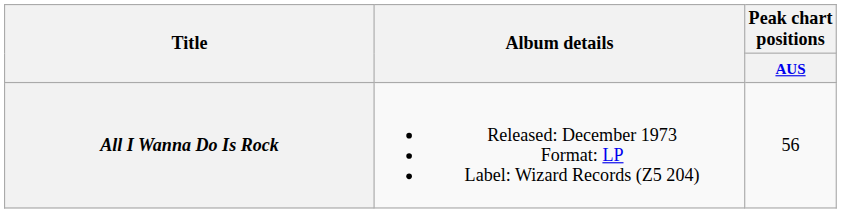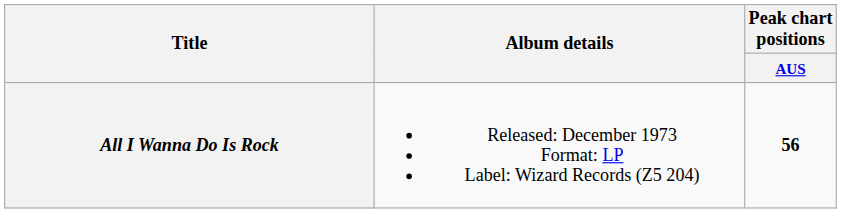 <table class="wikitable plainrowheaders" style="text-align:center;" border="1">
 <tr>
 <th scope="col" rowspan="2" style="width:20em;">Title</th>
 <th scope="col" rowspan="2" style="width:20em;">Album details</th>
 <th scope="col" colspan="1">Peak chart<br>positions</th>
 </tr>
 <tr>
 <th scope="col" style="text-align:center;"><small><a href='#'>AUS</a></small><br></th>
 </tr>
 <tr>
 <th scope="row"><em>All I Wanna Do Is Rock</em></th>
 <td><br><ul><li>Released: December 1973</li><li>Format: <a href='#'>LP</a></li><li>Label: Wizard Records (Z5 204)</li></ul></td>
-<td align="center">56</td>
+<td align="center"><strong>56</strong></td>
 </tr>
 </table>
